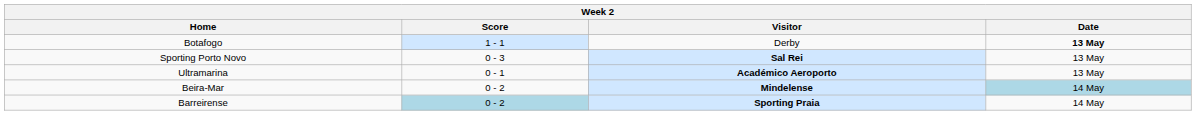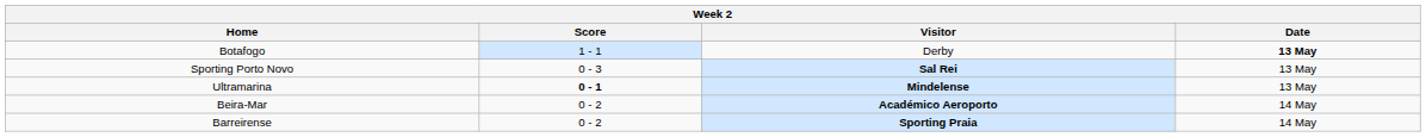 <table class="wikitable" style="font-size:95%; text-align: center; width: 95%;">
 <tr>
 <th colspan="12" style="with: 100%;" align=center>Week 2</th>
 </tr>
 <tr>
 <th width="200">Home</th>
 <th width="90">Score</th>
 <th width="200">Visitor</th>
 <th width="100">Date</th>
 </tr>
 <tr align=center>
 <td>Botafogo</td>
 <td bgcolor=#D0E7FF>1 - 1</td>
 <td>Derby</td>
 <td><strong>13 May</strong></td>
 </tr>
 <tr align=center>
 <td>Sporting Porto Novo</td>
 <td>0 - 3</td>
 <td bgcolor=#D0E7FF><strong>Sal Rei</strong></td>
 <td>13 May</td>
 </tr>
 <tr align=center>
 <td>Ultramarina</td>
-<td>0 - 1</td>
-<td bgcolor=#D0E7FF><strong>Académico Aeroporto</strong></td>
+<td><strong>0 - 1</strong></td>
+<td bgcolor=#D0E7FF><strong>Mindelense</strong></td>
 <td>13 May</td>
 </tr>
 <tr align=center>
 <td>Beira-Mar</td>
 <td>0 - 2</td>
-<td bgcolor=#D0E7FF><strong>Mindelense</strong></td>
-<td style="background: lightblue;">14 May</td>
+<td bgcolor=#D0E7FF><strong>Académico Aeroporto</strong></td>
+<td>14 May</td>
 </tr>
 <tr align=center>
 <td>Barreirense</td>
-<td style="background: lightblue;">0 - 2</td>
+<td>0 - 2</td>
 <td bgcolor=#D0E7FF><strong>Sporting Praia</strong></td>
 <td>14 May</td>
 </tr>
 </table>
